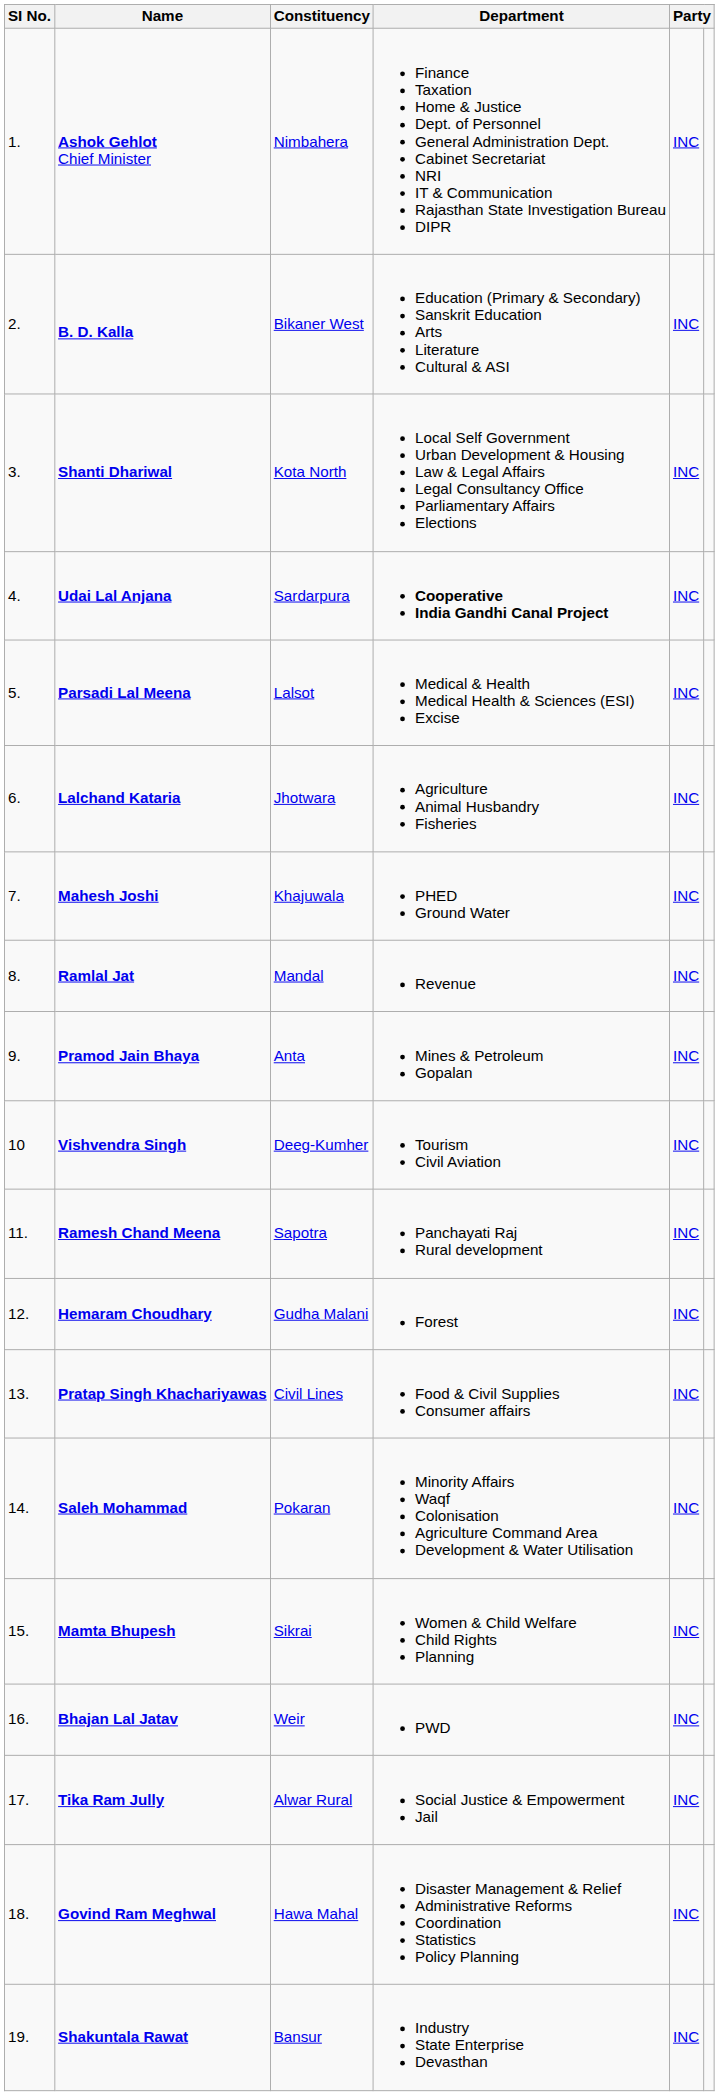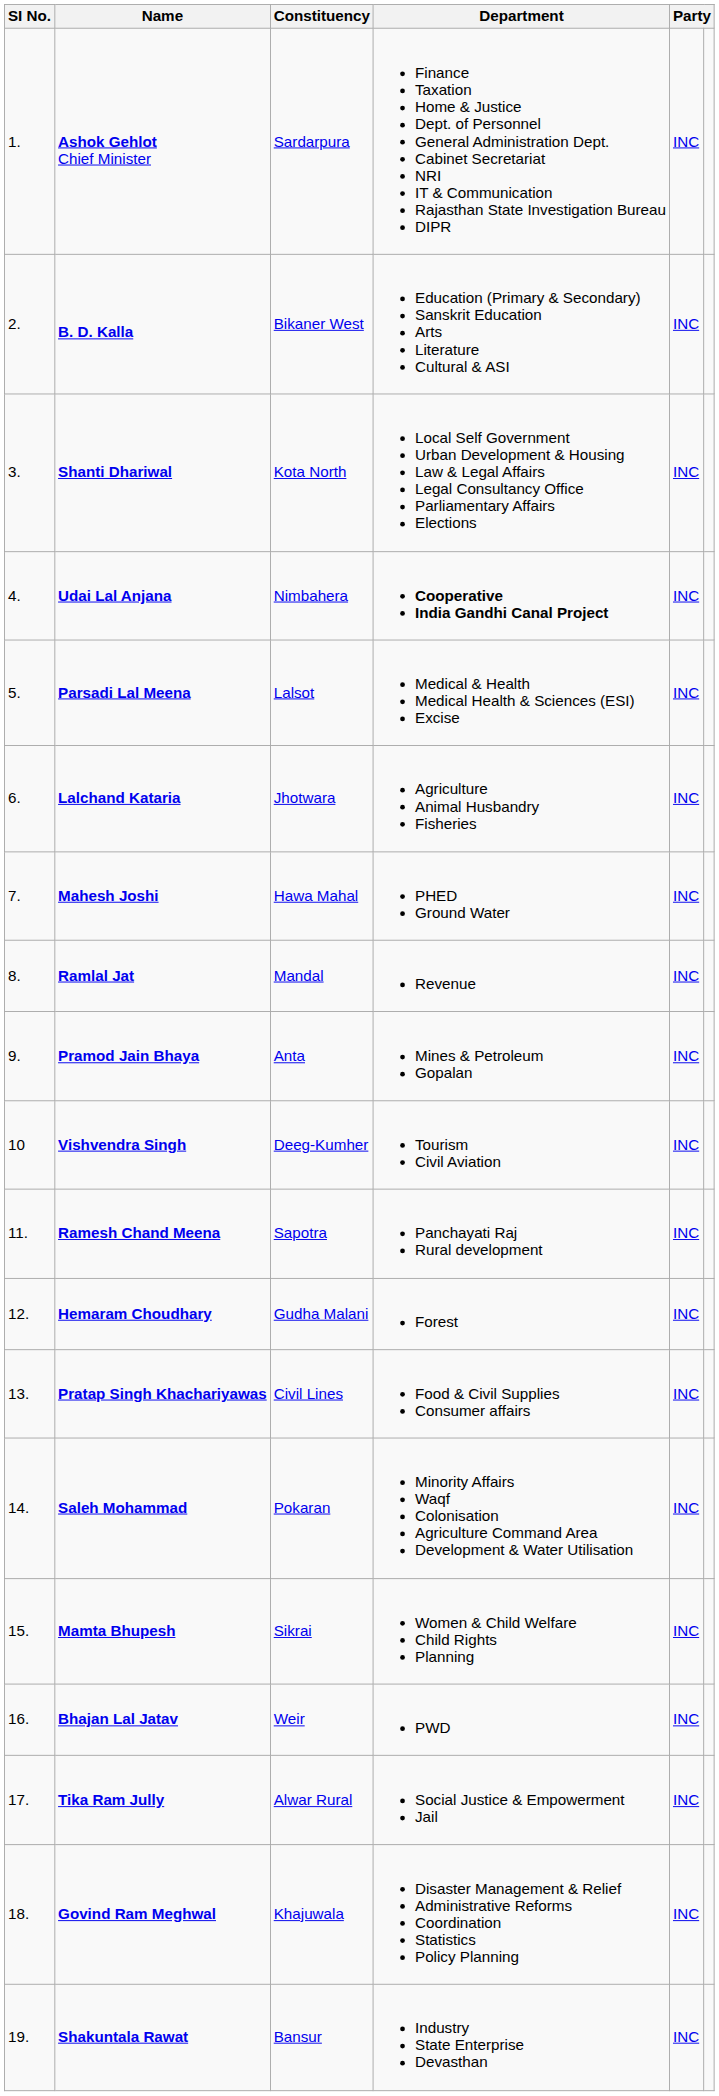 <table class="wikitable">
 <tr>
 <th>SI No.</th>
 <th>Name</th>
 <th>Constituency</th>
 <th>Department</th>
 <th colspan="2" scope="col">Party</th>
 </tr>
 <tr>
 <td>1.</td>
 <td> <br> <strong><a href='#'>Ashok Gehlot</a></strong><br><a href='#'>Chief Minister</a></td>
-<td><a href='#'>Nimbahera</a></td>
+<td><a href='#'>Sardarpura</a></td>
 <td><br><ul><li>Finance</li><li>Taxation</li><li>Home & Justice</li><li>Dept. of Personnel</li><li>General Administration Dept.</li><li>Cabinet Secretariat</li><li>NRI</li><li>IT & Communication</li><li>Rajasthan State Investigation Bureau</li><li>DIPR</li></ul></td>
 <td><a href='#'>INC</a></td>
 <td width="4px" style="background-color: "></td>
 </tr>
 <tr>
 <td>2.</td>
 <td><br><strong><a href='#'>B. D. Kalla</a></strong></td>
 <td><a href='#'>Bikaner West</a></td>
 <td><br><ul><li>Education (Primary & Secondary)</li><li>Sanskrit Education</li><li>Arts</li><li>Literature</li><li>Cultural & ASI</li></ul></td>
 <td><a href='#'>INC</a></td>
 <td width="4px" style="background-color: "></td>
 </tr>
 <tr>
 <td>3.</td>
 <td><strong><a href='#'>Shanti Dhariwal</a></strong></td>
 <td><a href='#'>Kota North</a></td>
 <td><br><ul><li>Local Self Government</li><li>Urban Development & Housing</li><li>Law & Legal Affairs</li><li>Legal Consultancy Office</li><li>Parliamentary Affairs</li><li>Elections</li></ul></td>
 <td><a href='#'>INC</a></td>
 <td width="4px" style="background-color: "></td>
 </tr>
 <tr>
 <td>4.</td>
 <td><strong><a href='#'>Udai Lal Anjana</a></strong></td>
-<td><a href='#'>Sardarpura</a></td>
+<td><a href='#'>Nimbahera</a></td>
 <td><strong><br><ul><li>Cooperative</li><li>India Gandhi Canal Project</li></ul></strong></td>
 <td><a href='#'>INC</a></td>
 <td width="4px" style="background-color: "></td>
 </tr>
 <tr>
 <td>5.</td>
 <td><strong><a href='#'>Parsadi Lal Meena</a></strong></td>
 <td><a href='#'>Lalsot</a></td>
 <td><br><ul><li>Medical & Health</li><li>Medical Health & Sciences (ESI)</li><li>Excise</li></ul></td>
 <td><a href='#'>INC</a></td>
 <td width="4px" style="background-color: "></td>
 </tr>
 <tr>
 <td>6.</td>
 <td><strong><a href='#'>Lalchand Kataria</a></strong></td>
 <td><a href='#'>Jhotwara</a></td>
 <td><br><ul><li>Agriculture</li><li>Animal Husbandry</li><li>Fisheries</li></ul></td>
 <td><a href='#'>INC</a></td>
 <td width="4px" style="background-color: "></td>
 </tr>
 <tr>
 <td>7.</td>
 <td><strong><a href='#'>Mahesh Joshi</a></strong></td>
-<td><a href='#'>Khajuwala</a></td>
+<td><a href='#'>Hawa Mahal</a></td>
 <td><br><ul><li>PHED</li><li>Ground Water</li></ul></td>
 <td><a href='#'>INC</a></td>
 <td width="4px" style="background-color: "></td>
 </tr>
 <tr>
 <td>8.</td>
 <td><strong><a href='#'>Ramlal Jat</a></strong></td>
 <td><a href='#'>Mandal</a></td>
 <td><br><ul><li>Revenue</li></ul></td>
 <td><a href='#'>INC</a></td>
 <td width="4px" style="background-color: "></td>
 </tr>
 <tr>
 <td>9.</td>
 <td><strong><a href='#'>Pramod Jain Bhaya</a></strong></td>
 <td><a href='#'>Anta</a></td>
 <td><br><ul><li>Mines & Petroleum</li><li>Gopalan</li></ul></td>
 <td><a href='#'>INC</a></td>
 <td width="4px" style="background-color: "></td>
 </tr>
 <tr>
 <td>10</td>
 <td><strong><a href='#'>Vishvendra Singh</a></strong></td>
 <td><a href='#'>Deeg-Kumher</a></td>
 <td><br><ul><li>Tourism</li><li>Civil Aviation</li></ul></td>
 <td><a href='#'>INC</a></td>
 <td width="4px" style="background-color: "></td>
 </tr>
 <tr>
 <td>11.</td>
 <td><strong><a href='#'>Ramesh Chand Meena</a></strong></td>
 <td><a href='#'>Sapotra</a></td>
 <td><br><ul><li>Panchayati Raj</li><li>Rural development</li></ul></td>
 <td><a href='#'>INC</a></td>
 <td width="4px" style="background-color: "></td>
 </tr>
 <tr>
 <td>12.</td>
 <td><strong><a href='#'>Hemaram Choudhary</a></strong></td>
 <td><a href='#'>Gudha Malani</a></td>
 <td><br><ul><li>Forest</li></ul></td>
 <td><a href='#'>INC</a></td>
 <td width="4px" style="background-color: "></td>
 </tr>
 <tr>
 <td>13.</td>
 <td><strong><a href='#'>Pratap Singh Khachariyawas</a></strong></td>
 <td><a href='#'>Civil Lines</a></td>
 <td><br><ul><li>Food & Civil Supplies</li><li>Consumer affairs</li></ul></td>
 <td><a href='#'>INC</a></td>
 <td width="4px" style="background-color: "></td>
 </tr>
 <tr>
 <td>14.</td>
 <td><strong><a href='#'>Saleh Mohammad</a></strong></td>
 <td><a href='#'>Pokaran</a></td>
 <td><br><ul><li>Minority Affairs</li><li>Waqf</li><li>Colonisation</li><li>Agriculture Command Area</li><li>Development & Water Utilisation</li></ul></td>
 <td><a href='#'>INC</a></td>
 <td width="4px" style="background-color: "></td>
 </tr>
 <tr>
 <td>15.</td>
 <td><strong><a href='#'>Mamta Bhupesh</a></strong></td>
 <td><a href='#'>Sikrai</a></td>
 <td><br><ul><li>Women & Child Welfare</li><li>Child Rights</li><li>Planning</li></ul></td>
 <td><a href='#'>INC</a></td>
 <td width="4px" style="background-color: "></td>
 </tr>
 <tr>
 <td>16.</td>
 <td><strong><a href='#'>Bhajan Lal Jatav</a></strong></td>
 <td><a href='#'>Weir</a></td>
 <td><br><ul><li>PWD</li></ul></td>
 <td><a href='#'>INC</a></td>
 <td width="4px" style="background-color: "></td>
 </tr>
 <tr>
 <td>17.</td>
 <td><strong><a href='#'>Tika Ram Jully</a></strong></td>
 <td><a href='#'>Alwar Rural</a></td>
 <td><br><ul><li>Social Justice & Empowerment</li><li>Jail</li></ul></td>
 <td><a href='#'>INC</a></td>
 <td width="4px" style="background-color: "></td>
 </tr>
 <tr>
 <td>18.</td>
 <td><strong><a href='#'>Govind Ram Meghwal</a></strong></td>
-<td><a href='#'>Hawa Mahal</a></td>
+<td><a href='#'>Khajuwala</a></td>
 <td><br><ul><li>Disaster Management & Relief</li><li>Administrative Reforms</li><li>Coordination</li><li>Statistics</li><li>Policy Planning</li></ul></td>
 <td><a href='#'>INC</a></td>
 <td width="4px" style="background-color: "></td>
 </tr>
 <tr>
 <td>19.</td>
 <td><strong><a href='#'>Shakuntala Rawat</a></strong></td>
 <td><a href='#'>Bansur</a></td>
 <td><br><ul><li>Industry</li><li>State Enterprise</li><li>Devasthan</li></ul></td>
 <td><a href='#'>INC</a></td>
 <td width="4px" style="background-color: "></td>
 </tr>
 </table>
